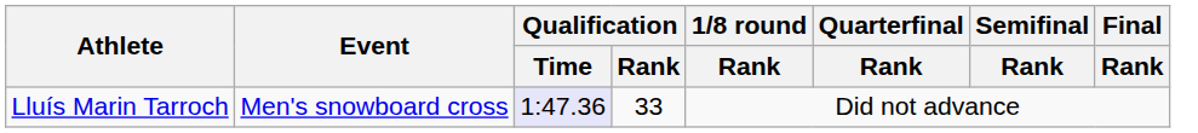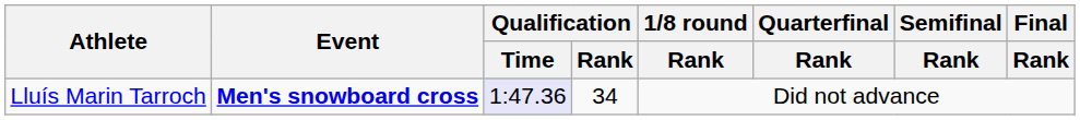 <table class="wikitable">
 <tr>
 <th rowspan="2">Athlete</th>
 <th rowspan="2">Event</th>
 <th colspan="2">Qualification</th>
 <th>1/8 round</th>
 <th>Quarterfinal</th>
 <th>Semifinal</th>
 <th>Final</th>
 </tr>
 <tr>
 <th>Time</th>
 <th>Rank</th>
 <th>Rank</th>
 <th>Rank</th>
 <th>Rank</th>
 <th>Rank</th>
 </tr>
 <tr>
 <td><a href='#'>Lluís Marin Tarroch</a></td>
-<td><a href='#'>Men's snowboard cross</a></td>
+<td><strong><a href='#'>Men's snowboard cross</a></strong></td>
 <td align=center style="background: lavender;">1:47.36</td>
-<td align=center>33</td>
+<td align=center>34</td>
 <td colspan=4 align=center>Did not advance</td>
 </tr>
 </table>
